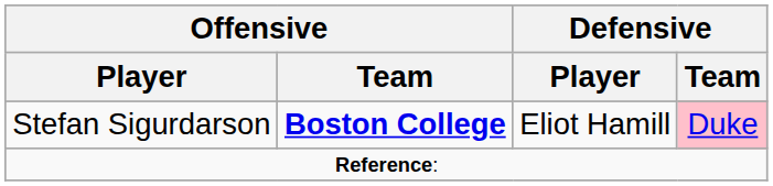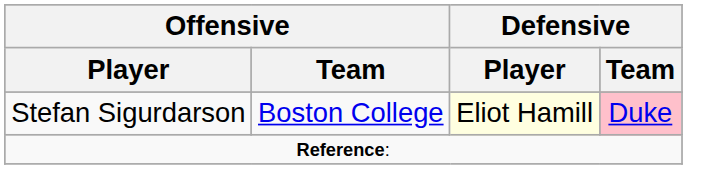 <table class="wikitable" style="text-align: center;">
 <tr>
 <th colspan="2">Offensive</th>
 <th colspan="2">Defensive</th>
 </tr>
 <tr>
 <th>Player</th>
 <th>Team</th>
 <th>Player</th>
 <th>Team</th>
 </tr>
 <tr>
 <td>Stefan Sigurdarson</td>
-<td><strong><a href='#'>Boston College</a></strong></td>
-<td>Eliot Hamill</td>
+<td><a href='#'>Boston College</a></td>
+<td style="background: lightyellow;">Eliot Hamill</td>
 <td style="background: pink;"><a href='#'>Duke</a></td>
 </tr>
 <tr>
 <td colspan="4"  style="font-size:8pt; text-align:center;"><strong>Reference</strong>:</td>
 </tr>
 </table>
